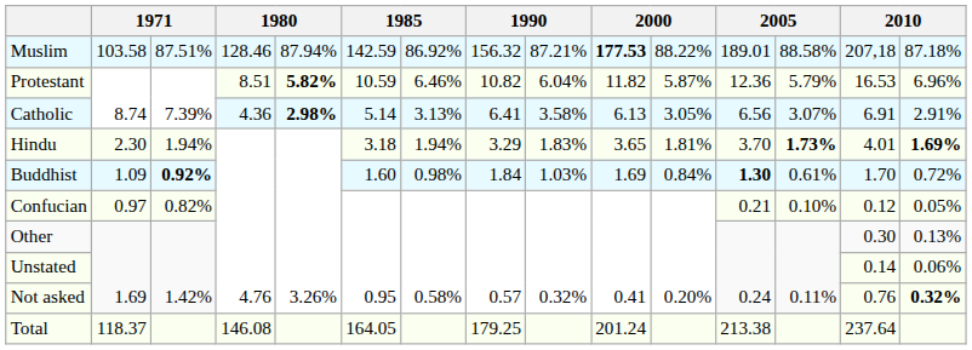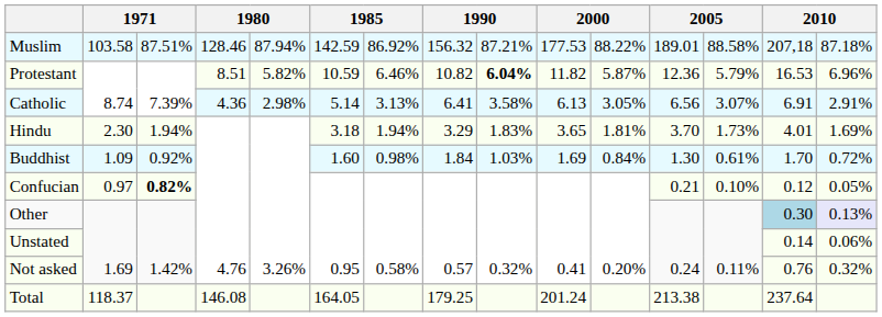 <table class="wikitable" style="margin: 1em auto 1em auto;">
 <tr style="font-size:10pt">
 <th scope="col"> </th>
 <th scope="col" colspan="2">1971</th>
 <th scope="col" colspan="2">1980</th>
 <th scope="col" colspan="2">1985</th>
 <th scope="col" colspan="2">1990</th>
 <th scope="col" colspan="2">2000</th>
 <th scope="col" colspan="2">2005</th>
 <th scope="col" colspan="2">2010</th>
 </tr>
 <tr style="text-align:right; font-size:10pt; background:#e6faff; vertical-align:bottom;">
 <td style="text-align:left;">Muslim</td>
 <td>103.58</td>
 <td>87.51%</td>
 <td>128.46</td>
 <td>87.94%</td>
 <td>142.59</td>
 <td>86.92%</td>
 <td>156.32</td>
 <td>87.21%</td>
-<td><strong>177.53</strong></td>
+<td>177.53</td>
 <td>88.22%</td>
 <td>189.01</td>
 <td>88.58%</td>
 <td>207,18</td>
 <td>87.18%</td>
 </tr>
 <tr style="text-align:right; font-size:10pt; background:#fafff0; vertical-align:bottom;">
 <td style="text-align:left;">Protestant</td>
 <td style="background:white;" rowspan="2">8.74</td>
 <td style="background:white;" rowspan="2">7.39%</td>
 <td>8.51</td>
-<td><strong>5.82%</strong></td>
+<td>5.82%</td>
 <td>10.59</td>
 <td>6.46%</td>
 <td>10.82</td>
-<td>6.04%</td>
+<td><strong>6.04%</strong></td>
 <td>11.82</td>
 <td>5.87%</td>
 <td>12.36</td>
 <td>5.79%</td>
 <td>16.53</td>
 <td>6.96%</td>
 </tr>
 <tr style="text-align:right; font-size:10pt; background:#e6faff; vertical-align:bottom;">
 <td style="text-align:left;">Catholic</td>
 <td>4.36</td>
-<td><strong>2.98%</strong></td>
+<td>2.98%</td>
 <td>5.14</td>
 <td>3.13%</td>
 <td>6.41</td>
 <td>3.58%</td>
 <td>6.13</td>
 <td>3.05%</td>
 <td>6.56</td>
 <td>3.07%</td>
 <td>6.91</td>
 <td>2.91%</td>
 </tr>
 <tr style="text-align:right; font-size:10pt; background:#fafff0; vertical-align:bottom;">
 <td style="text-align:left;">Hindu</td>
 <td>2.30</td>
 <td>1.94%</td>
 <td style="background:white;" rowspan="6">4.76</td>
 <td style="background:white;" rowspan="6">3.26%</td>
 <td>3.18</td>
 <td>1.94%</td>
 <td>3.29</td>
 <td>1.83%</td>
 <td>3.65</td>
 <td>1.81%</td>
 <td>3.70</td>
-<td><strong>1.73%</strong></td>
+<td>1.73%</td>
 <td>4.01</td>
-<td><strong>1.69%</strong></td>
+<td>1.69%</td>
 </tr>
 <tr style="text-align:right; font-size:10pt; background:#e6faff; vertical-align:bottom;">
 <td style="text-align:left;">Buddhist</td>
 <td>1.09</td>
-<td><strong>0.92%</strong></td>
+<td>0.92%</td>
 <td>1.60</td>
 <td>0.98%</td>
 <td>1.84</td>
 <td>1.03%</td>
 <td>1.69</td>
 <td>0.84%</td>
-<td><strong>1.30</strong></td>
+<td>1.30</td>
 <td>0.61%</td>
 <td>1.70</td>
 <td>0.72%</td>
 </tr>
 <tr style="text-align:right; font-size:10pt; background:#fafff0; vertical-align:bottom;">
 <td style="text-align:left;">Confucian</td>
 <td>0.97</td>
-<td>0.82%</td>
+<td><strong>0.82%</strong></td>
 <td style="background:white;" rowspan="4">0.95</td>
 <td style="background:white;" rowspan="4">0.58%</td>
 <td style="background:white;" rowspan="4">0.57</td>
 <td style="background:white;" rowspan="4">0.32%</td>
 <td style="background:white;" rowspan="4">0.41</td>
 <td style="background:white;" rowspan="4">0.20%</td>
 <td>0.21</td>
 <td>0.10%</td>
 <td>0.12</td>
 <td>0.05%</td>
 </tr>
 <tr style="text-align:right; font-size:10pt; vertical-align:bottom;">
 <td style="text-align:left;">Other</td>
 <td rowspan="3">1.69</td>
 <td rowspan="3">1.42%</td>
 <td rowspan="3">0.24</td>
 <td rowspan="3">0.11%</td>
-<td>0.30</td>
-<td>0.13%</td>
+<td style="background: lightblue;">0.30</td>
+<td style="background: lavender;">0.13%</td>
 </tr>
 <tr style="text-align:right; font-size:10pt; background:#fafff0; vertical-align:bottom;">
 <td style="text-align:left;">Unstated</td>
 <td>0.14</td>
 <td>0.06%</td>
 </tr>
 <tr style="text-align:right; font-size:10pt; background:#fafff0; vertical-align:bottom;">
 <td style="text-align:left;">Not asked</td>
 <td>0.76</td>
-<td><strong>0.32%</strong></td>
+<td>0.32%</td>
 </tr>
 <tr style="text-align:right; font-size:10pt; background:#fafff0; vertical-align:bottom;">
 <td style="text-align:left;">Total</td>
 <td>118.37</td>
 <td> </td>
 <td>146.08</td>
 <td> </td>
 <td>164.05</td>
 <td> </td>
 <td>179.25</td>
 <td> </td>
 <td>201.24</td>
 <td> </td>
 <td>213.38</td>
 <td> </td>
 <td>237.64</td>
 <td> </td>
 </tr>
 </table>
